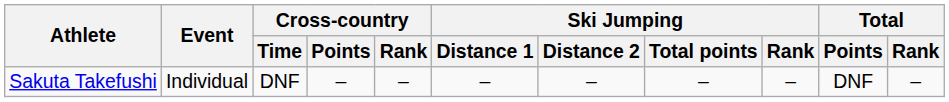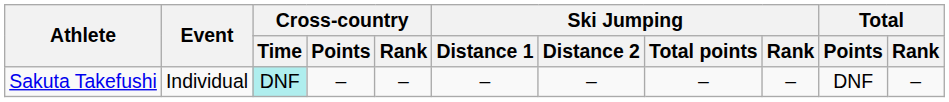 <table class="wikitable" style="font-size:90%">
 <tr>
 <th rowspan="2">Athlete</th>
 <th rowspan="2">Event</th>
 <th colspan="3">Cross-country</th>
 <th colspan="4">Ski Jumping</th>
 <th colspan="2">Total</th>
 </tr>
 <tr>
 <th>Time</th>
 <th>Points</th>
 <th>Rank</th>
 <th>Distance 1</th>
 <th>Distance 2</th>
 <th>Total points</th>
 <th>Rank</th>
 <th>Points</th>
 <th>Rank</th>
 </tr>
 <tr>
 <td><a href='#'>Sakuta Takefushi</a></td>
 <td>Individual</td>
-<td align="center">DNF</td>
+<td align="center" style="background: paleturquoise;">DNF</td>
 <td align="center">–</td>
 <td align="center">–</td>
 <td align="center">–</td>
 <td align="center">–</td>
 <td align="center">–</td>
 <td align="center">–</td>
 <td align="center">DNF</td>
 <td align="center">–</td>
 </tr>
 </table>
